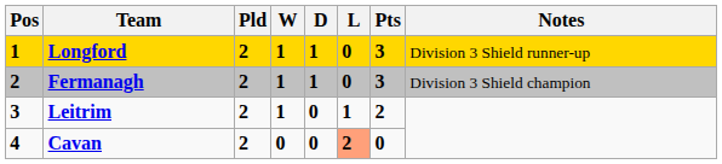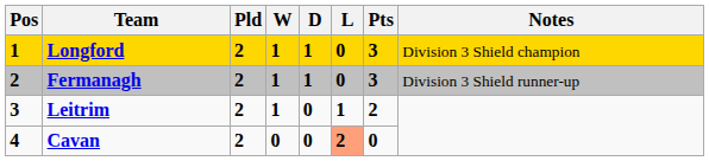 <table class="wikitable" style="text-align: centre;">
 <tr>
 <th width=20>Pos</th>
 <th width=150>Team</th>
 <th width=20>Pld</th>
 <th width=20>W</th>
 <th width=20>D</th>
 <th width=20>L</th>
 <th width=20>Pts</th>
 <th width=250>Notes</th>
 </tr>
 <tr style="background:gold;">
 <td><strong>1</strong></td>
 <td align=left><strong> <a href='#'>Longford</a> </strong></td>
 <td><strong>2</strong></td>
 <td><strong>1</strong></td>
 <td><strong>1</strong></td>
 <td><strong>0</strong></td>
 <td><strong>3</strong></td>
-<td><small> Division 3 Shield runner-up</small></td>
+<td><small> Division 3 Shield champion</small></td>
 </tr>
 <tr style="background:silver;">
 <td><strong>2</strong></td>
 <td align=left><strong> <a href='#'>Fermanagh</a> </strong></td>
 <td><strong>2</strong></td>
 <td><strong>1</strong></td>
 <td><strong>1</strong></td>
 <td><strong>0</strong></td>
 <td><strong>3</strong></td>
-<td><small> Division 3 Shield champion</small></td>
+<td><small> Division 3 Shield runner-up</small></td>
 </tr>
 <tr style>
 <td><strong>3</strong></td>
 <td align=left><strong> <a href='#'>Leitrim</a> </strong></td>
 <td><strong>2</strong></td>
 <td><strong>1</strong></td>
 <td><strong>0</strong></td>
 <td><strong>1</strong></td>
 <td><strong>2</strong></td>
 </tr>
 <tr style>
 <td><strong>4</strong></td>
 <td align=left><strong> <a href='#'>Cavan</a> </strong></td>
 <td><strong>2</strong></td>
 <td><strong>0</strong></td>
 <td><strong>0</strong></td>
 <td style="background: lightsalmon;"><strong>2</strong></td>
 <td><strong>0</strong></td>
 </tr>
 </table>
